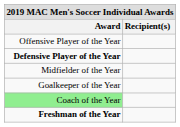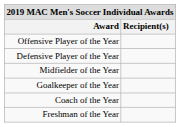 <table class="wikitable" style="white-space:nowrap; font-size:90%;">
 <tr>
 <td colspan="7" style="text-align:center; background:#ddd;"><strong>2019 MAC Men's Soccer Individual Awards</strong></td>
 </tr>
 <tr>
 <th style="text-align:right;">Award</th>
 <th style="text-align:left;">Recipient(s)</th>
 </tr>
 <tr>
 <td style="text-align:right;">Offensive Player of the Year</td>
 <td style="text-align:left;"></td>
 </tr>
 <tr>
-<td style="text-align:right;"><strong>Defensive Player of the Year</strong></td>
+<td style="text-align:right;">Defensive Player of the Year</td>
 <td style="text-align:left;"></td>
 </tr>
 <tr>
 <td style="text-align:right;">Midfielder of the Year</td>
 <td style="text-align:left;"></td>
 </tr>
 <tr>
 <td style="text-align:right;">Goalkeeper of the Year</td>
 <td style="text-align:left;"></td>
 </tr>
 <tr>
-<td style="background: lightgreen; text-align:right;">Coach of the Year</td>
+<td style="text-align:right;">Coach of the Year</td>
 <td style="text-align:left;"></td>
 </tr>
 <tr>
-<td style="text-align:right;"><strong>Freshman of the Year</strong></td>
+<td style="text-align:right;">Freshman of the Year</td>
 <td style="text-align:left;"></td>
 </tr>
 </table>
